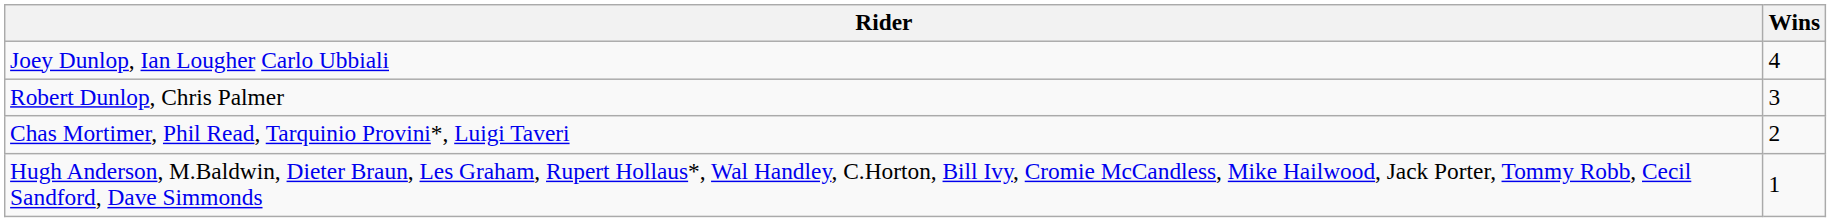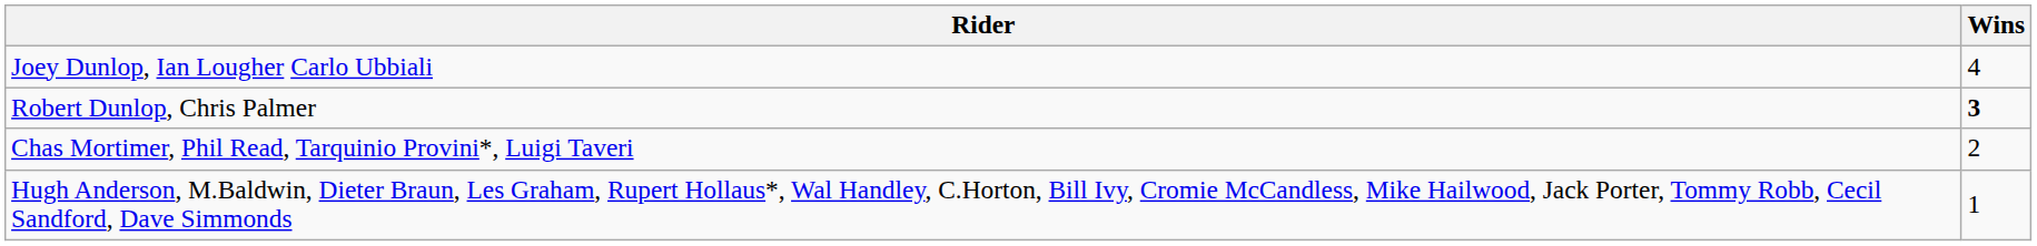 <table class="wikitable">
 <tr>
 <th>Rider</th>
 <th>Wins</th>
 </tr>
 <tr>
 <td><a href='#'>Joey Dunlop</a>, <a href='#'>Ian Lougher</a> <a href='#'>Carlo Ubbiali</a></td>
 <td>4</td>
 </tr>
 <tr>
 <td><a href='#'>Robert Dunlop</a>, Chris Palmer</td>
-<td>3</td>
+<td><strong>3</strong></td>
 </tr>
 <tr>
 <td><a href='#'>Chas Mortimer</a>, <a href='#'>Phil Read</a>, <a href='#'>Tarquinio Provini</a>*, <a href='#'>Luigi Taveri</a></td>
 <td>2</td>
 </tr>
 <tr>
 <td><a href='#'>Hugh Anderson</a>, M.Baldwin, <a href='#'>Dieter Braun</a>, <a href='#'>Les Graham</a>, <a href='#'>Rupert Hollaus</a>*, <a href='#'>Wal Handley</a>, C.Horton, <a href='#'>Bill Ivy</a>, <a href='#'>Cromie McCandless</a>, <a href='#'>Mike Hailwood</a>, Jack Porter, <a href='#'>Tommy Robb</a>, <a href='#'>Cecil Sandford</a>, <a href='#'>Dave Simmonds</a></td>
 <td>1</td>
 </tr>
 </table>
